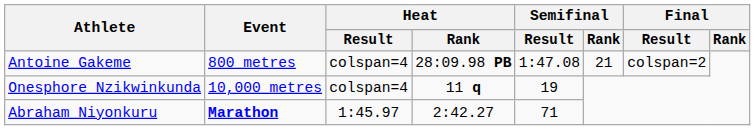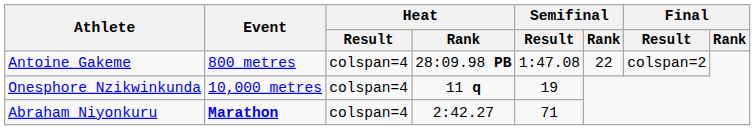 <table class="wikitable" style="font-size:90%">
 <tr>
 <th rowspan="2">Athlete</th>
 <th rowspan="2">Event</th>
 <th colspan="2">Heat</th>
 <th colspan="2">Semifinal</th>
 <th colspan="2">Final</th>
 </tr>
 <tr style="font-size:95%">
 <th>Result</th>
 <th>Rank</th>
 <th>Result</th>
 <th>Rank</th>
 <th>Result</th>
 <th>Rank</th>
 </tr>
 <tr style=text-align:center>
 <td style=text-align:left><a href='#'>Antoine Gakeme</a></td>
 <td style=text-align:left><a href='#'>800 metres</a></td>
 <td>colspan=4</td>
 <td>28:09.98 <strong>PB</strong></td>
 <td>1:47.08</td>
-<td>21</td>
+<td>22</td>
 <td>colspan=2</td>
 </tr>
 <tr style=text-align:center>
 <td style=text-align:left><a href='#'>Onesphore Nzikwinkunda</a></td>
 <td style=text-align:left><a href='#'>10,000 metres</a></td>
 <td>colspan=4</td>
 <td>11 <strong>q</strong></td>
 <td>19</td>
 </tr>
 <tr style=text-align:center>
 <td style=text-align:left><a href='#'>Abraham Niyonkuru</a></td>
 <td style=text-align:left><strong><a href='#'>Marathon</a></strong></td>
-<td>1:45.97</td>
+<td>colspan=4</td>
 <td>2:42.27</td>
 <td>71</td>
 </tr>
 </table>
